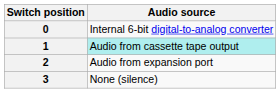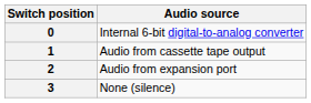 <table class="wikitable">
 <tr>
 <th>Switch position</th>
 <th>Audio source</th>
 </tr>
 <tr>
 <th>0</th>
 <td>Internal 6-bit <a href='#'>digital-to-analog converter</a></td>
 </tr>
 <tr>
 <th>1</th>
-<td style="background: paleturquoise;">Audio from cassette tape output</td>
+<td>Audio from cassette tape output</td>
 </tr>
 <tr>
 <th>2</th>
 <td>Audio from expansion port</td>
 </tr>
 <tr>
 <th>3</th>
 <td>None (silence)</td>
 </tr>
 </table>
